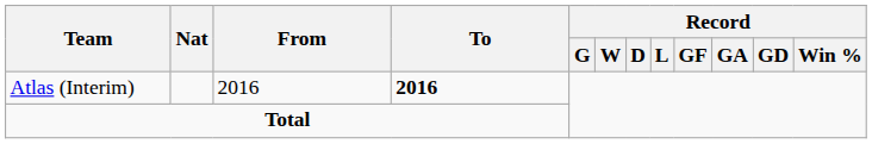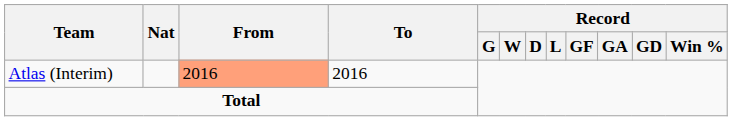 <table class="wikitable" style="text-align: center">
 <tr>
 <th rowspan="2" style="width:120px;">Team</th>
 <th rowspan="2" style="width:10px;">Nat</th>
 <th rowspan="2" style="width:130px;">From</th>
 <th rowspan="2" style="width:130px;">To</th>
 <th colspan="8">Record</th>
 </tr>
 <tr>
 <th>G</th>
 <th>W</th>
 <th>D</th>
 <th>L</th>
 <th>GF</th>
 <th>GA</th>
 <th>GD</th>
 <th>Win %</th>
 </tr>
 <tr>
 <td style="text-align:left;"><a href='#'>Atlas</a> (Interim)</td>
 <td></td>
-<td style="text-align:left;">2016</td>
-<td align="left"><strong>2016<br></strong></td>
+<td style="background: lightsalmon; text-align:left;">2016</td>
+<td align="left">2016<br></td>
 </tr>
 <tr>
 <td colspan="4"><strong>Total</strong><br></td>
 </tr>
 </table>
